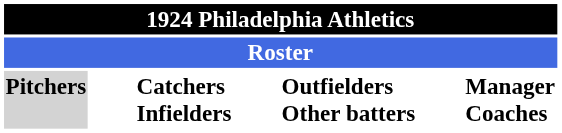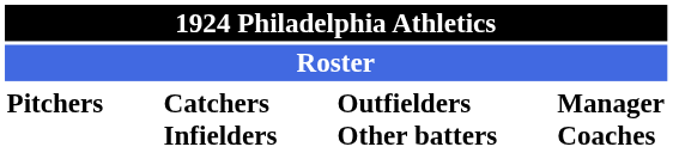 <table class="toccolours" style="font-size: 95%;">
 <tr>
 <th colspan="10" style="background-color: black; color: white; text-align: center;">1924 Philadelphia Athletics</th>
 </tr>
 <tr>
 <td colspan="10" style="background-color: #4169e1; color: white; text-align: center;"><strong>Roster</strong></td>
 </tr>
 <tr>
-<td valign="top" style="background: lightgrey;"><strong>Pitchers</strong><br>           </td>
+<td valign="top"><strong>Pitchers</strong><br>           </td>
 <td width="25px"></td>
 <td valign="top"><strong>Catchers</strong><br>   <strong>Infielders</strong>       </td>
 <td width="25px"></td>
 <td valign="top"><strong>Outfielders</strong><br>      <strong>Other batters</strong>  </td>
 <td width="25px"></td>
 <td valign="top"><strong>Manager</strong><br> <strong>Coaches</strong>  </td>
 </tr>
 </table>
